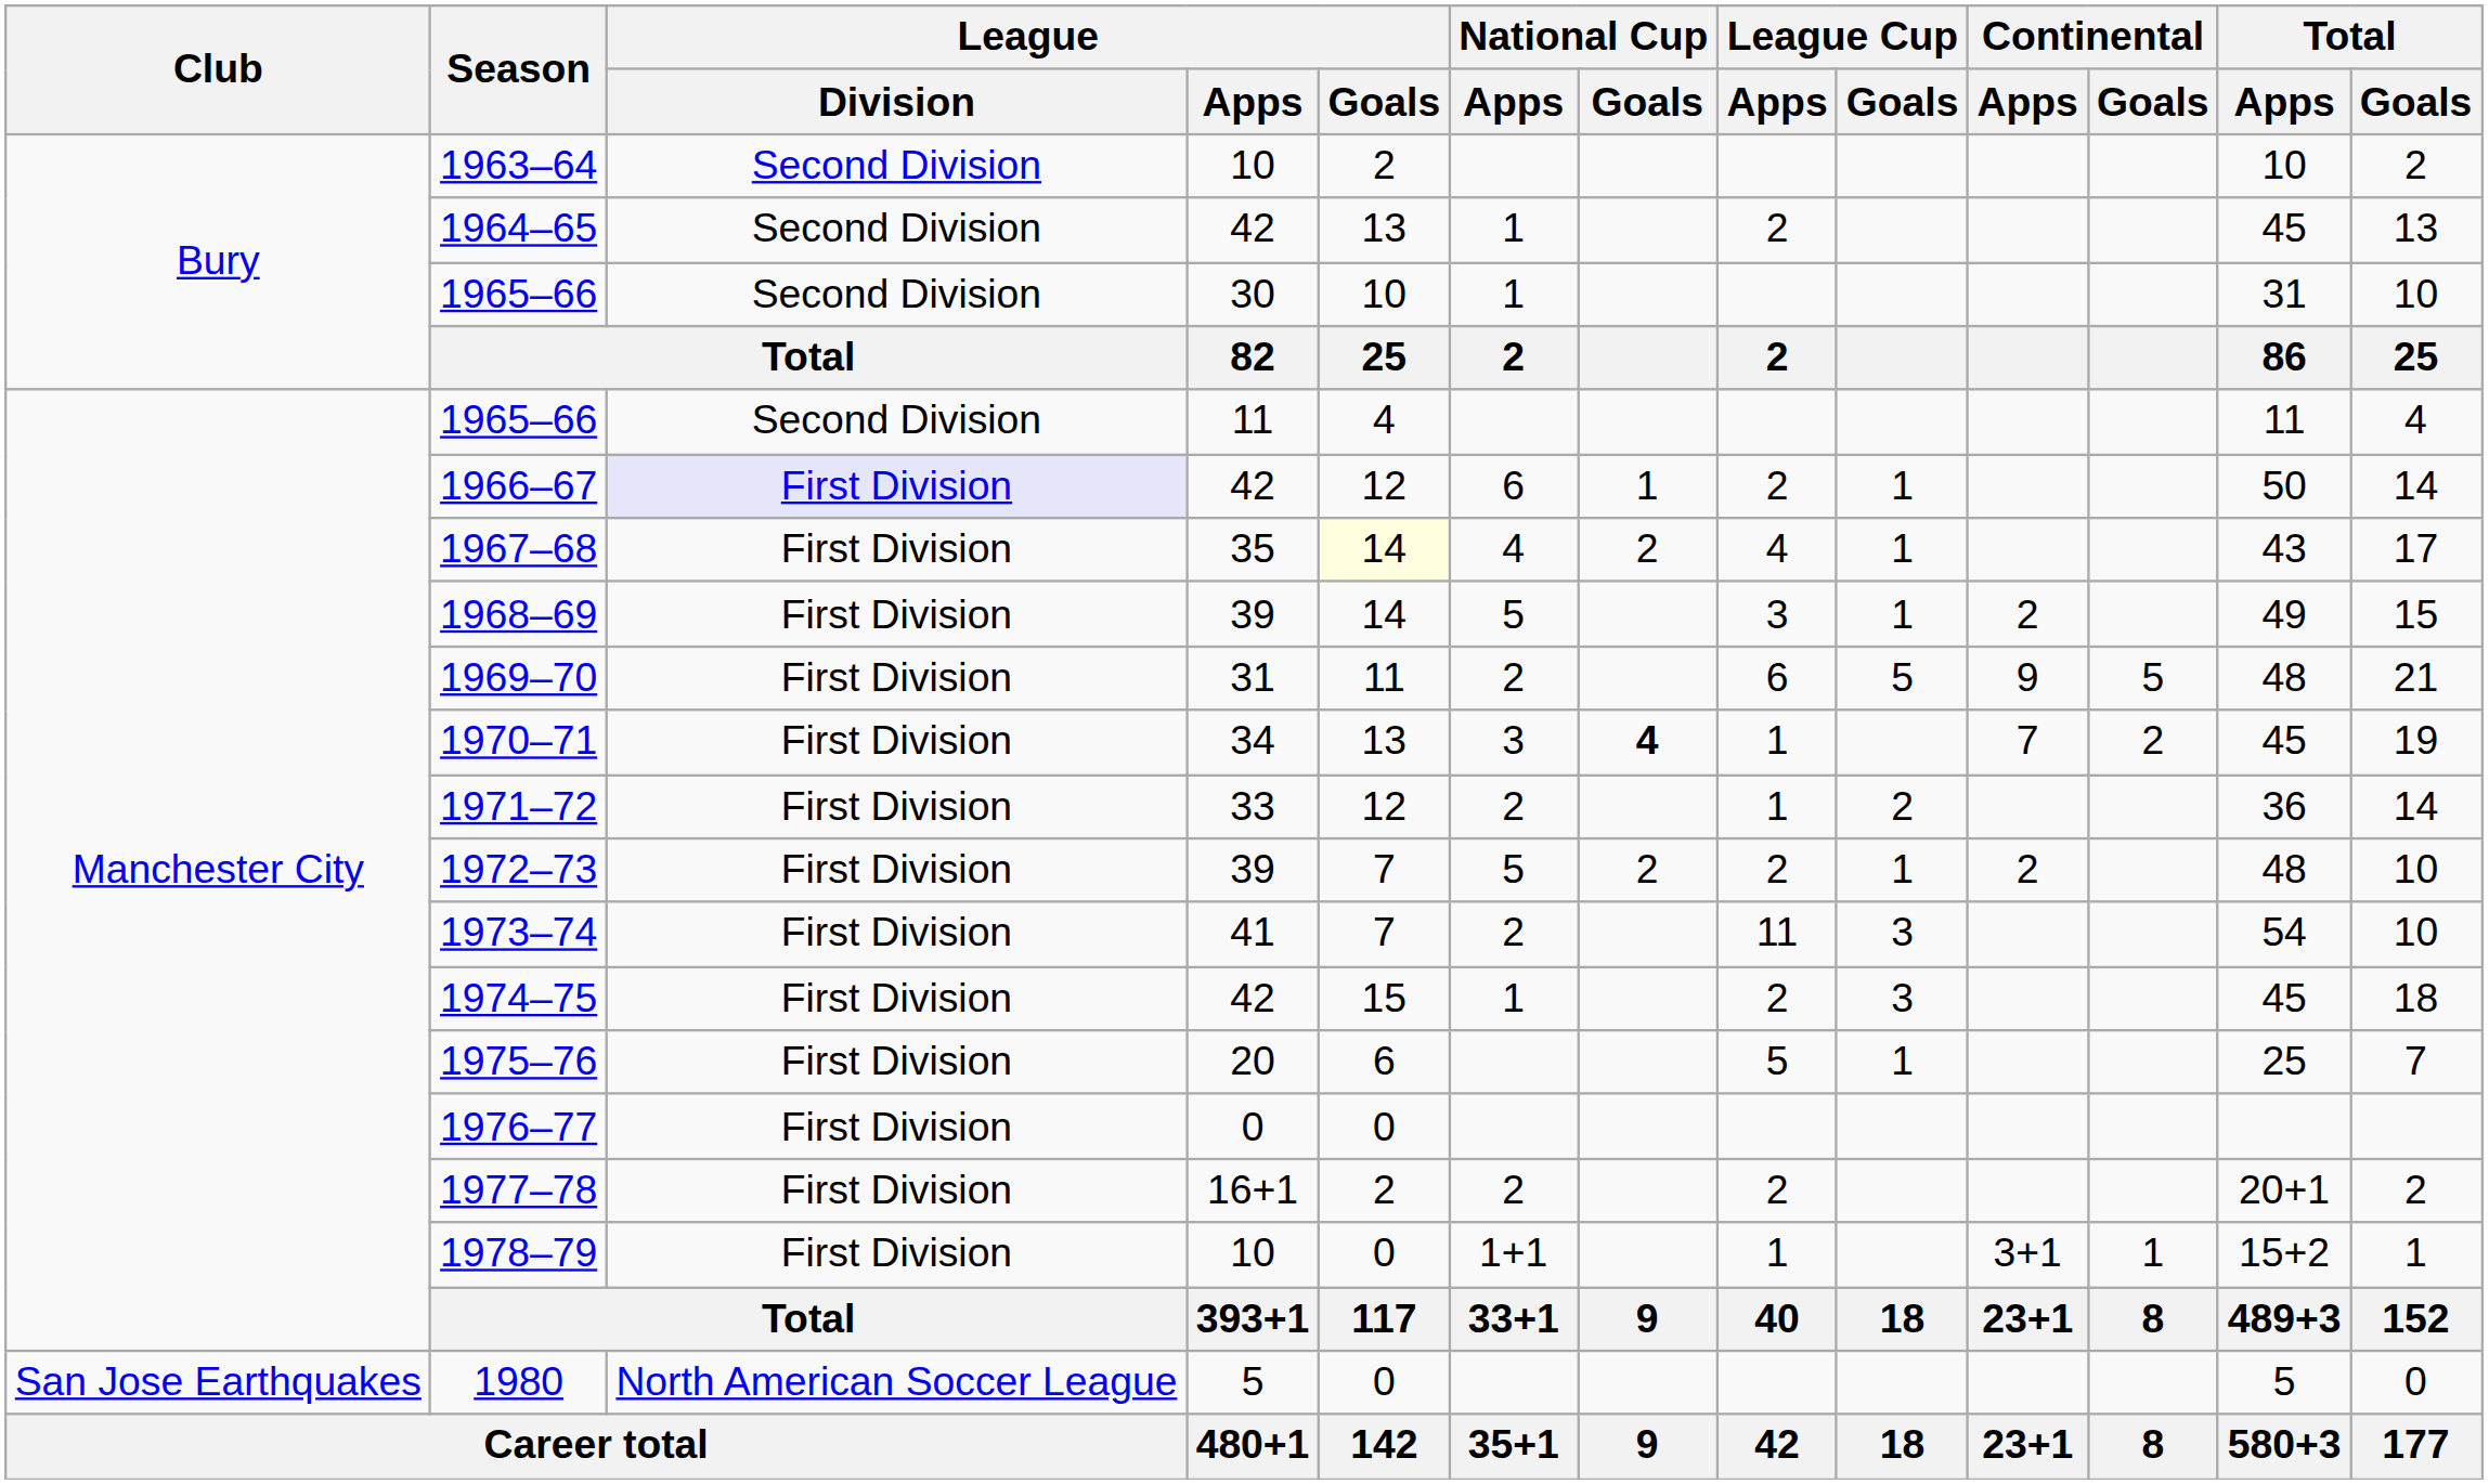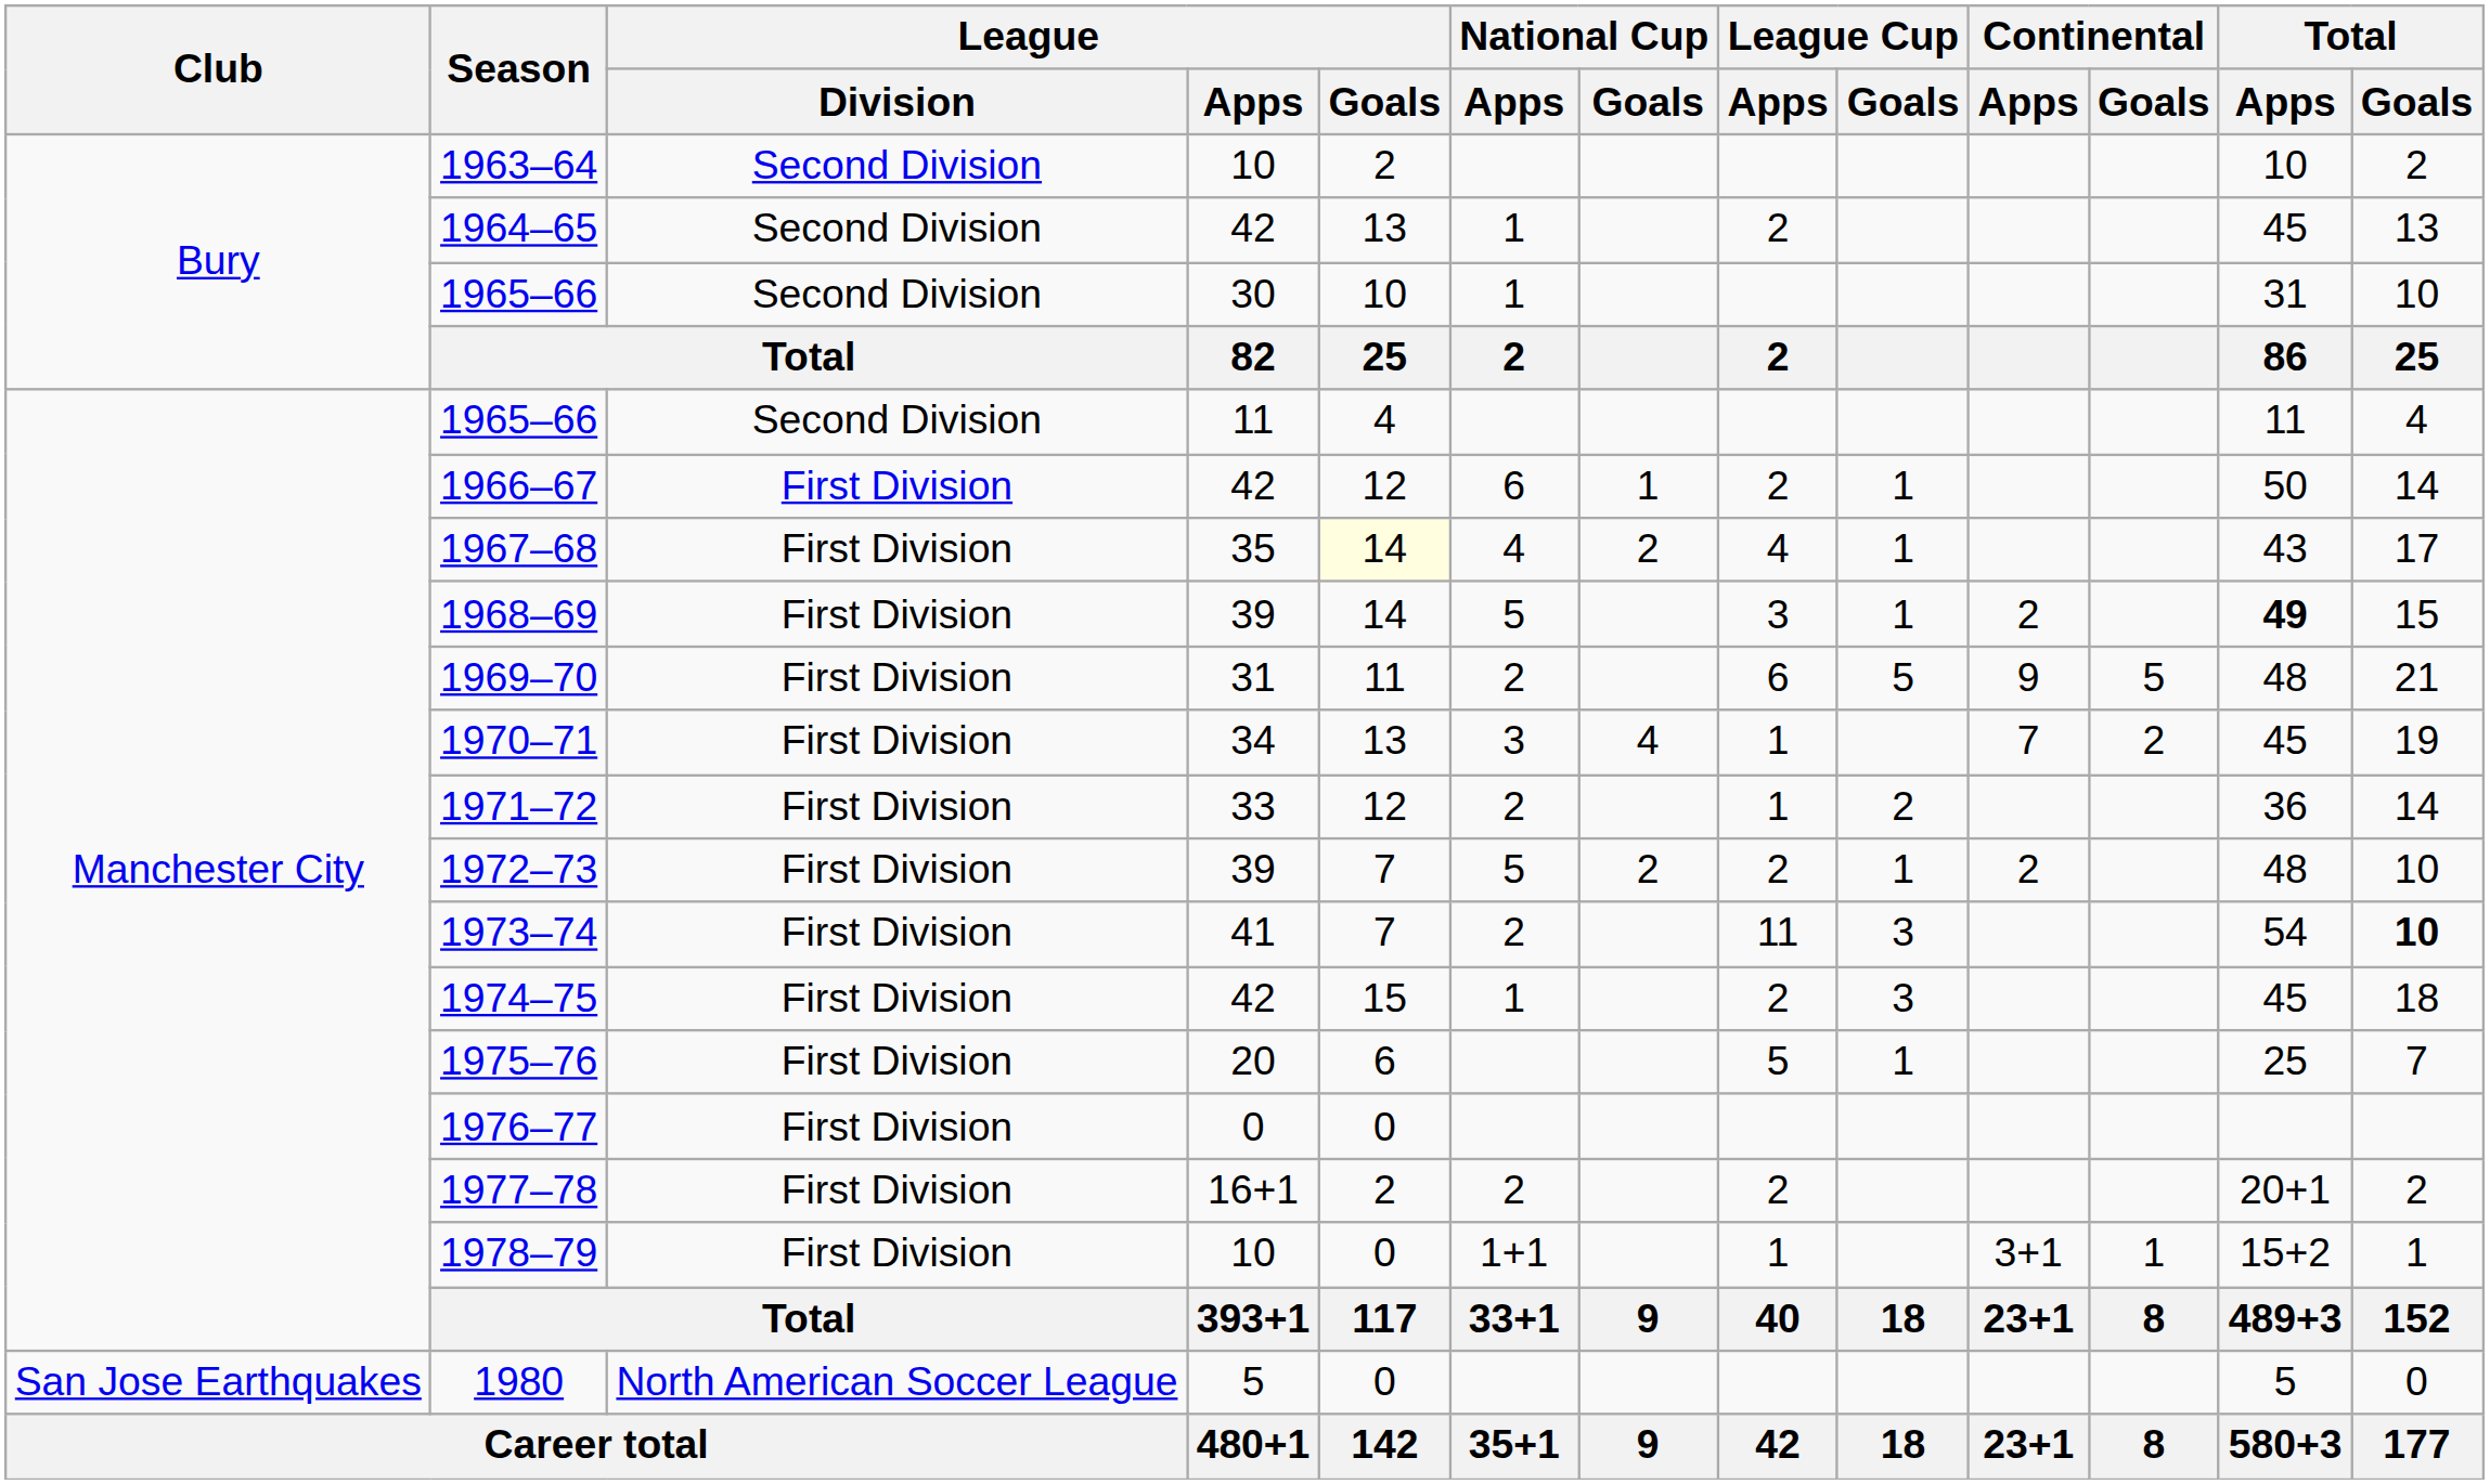 <table class="wikitable" style="text-align:center">
 <tr>
 <th rowspan="2">Club</th>
 <th rowspan="2">Season</th>
 <th colspan="3">League</th>
 <th colspan="2">National Cup</th>
 <th colspan="2">League Cup</th>
 <th colspan="2">Continental</th>
 <th colspan="2">Total</th>
 </tr>
 <tr>
 <th>Division</th>
 <th>Apps</th>
 <th>Goals</th>
 <th>Apps</th>
 <th>Goals</th>
 <th>Apps</th>
 <th>Goals</th>
 <th>Apps</th>
 <th>Goals</th>
 <th>Apps</th>
 <th>Goals</th>
 </tr>
 <tr>
 <td rowspan="4"><a href='#'>Bury</a></td>
 <td><a href='#'>1963–64</a></td>
 <td><a href='#'>Second Division</a></td>
 <td>10</td>
 <td>2</td>
 <td></td>
 <td></td>
 <td></td>
 <td></td>
 <td></td>
 <td></td>
 <td>10</td>
 <td>2</td>
 </tr>
 <tr>
 <td><a href='#'>1964–65</a></td>
 <td>Second Division</td>
 <td>42</td>
 <td>13</td>
 <td>1</td>
 <td></td>
 <td>2</td>
 <td></td>
 <td></td>
 <td></td>
 <td>45</td>
 <td>13</td>
 </tr>
 <tr>
 <td><a href='#'>1965–66</a></td>
 <td>Second Division</td>
 <td>30</td>
 <td>10</td>
 <td>1</td>
 <td></td>
 <td></td>
 <td></td>
 <td></td>
 <td></td>
 <td>31</td>
 <td>10</td>
 </tr>
 <tr>
 <th colspan="2">Total</th>
 <th>82</th>
 <th>25</th>
 <th>2</th>
 <th></th>
 <th>2</th>
 <th></th>
 <th></th>
 <th></th>
 <th>86</th>
 <th>25</th>
 </tr>
 <tr>
 <td rowspan="15"><a href='#'>Manchester City</a></td>
 <td><a href='#'>1965–66</a></td>
 <td>Second Division</td>
 <td>11</td>
 <td>4</td>
 <td></td>
 <td></td>
 <td></td>
 <td></td>
 <td></td>
 <td></td>
 <td>11</td>
 <td>4</td>
 </tr>
 <tr>
 <td><a href='#'>1966–67</a></td>
-<td style="background: lavender;"><a href='#'>First Division</a></td>
+<td><a href='#'>First Division</a></td>
 <td>42</td>
 <td>12</td>
 <td>6</td>
 <td>1</td>
 <td>2</td>
 <td>1</td>
 <td></td>
 <td></td>
 <td>50</td>
 <td>14</td>
 </tr>
 <tr>
 <td><a href='#'>1967–68</a></td>
 <td>First Division</td>
 <td>35</td>
 <td style="background: lightyellow;">14</td>
 <td>4</td>
 <td>2</td>
 <td>4</td>
 <td>1</td>
 <td></td>
 <td></td>
 <td>43</td>
 <td>17</td>
 </tr>
 <tr>
 <td><a href='#'>1968–69</a></td>
 <td>First Division</td>
 <td>39</td>
 <td>14</td>
 <td>5</td>
 <td></td>
 <td>3</td>
 <td>1</td>
 <td>2</td>
 <td></td>
-<td>49</td>
+<td><strong>49</strong></td>
 <td>15</td>
 </tr>
 <tr>
 <td><a href='#'>1969–70</a></td>
 <td>First Division</td>
 <td>31</td>
 <td>11</td>
 <td>2</td>
 <td></td>
 <td>6</td>
 <td>5</td>
 <td>9</td>
 <td>5</td>
 <td>48</td>
 <td>21</td>
 </tr>
 <tr>
 <td><a href='#'>1970–71</a></td>
 <td>First Division</td>
 <td>34</td>
 <td>13</td>
 <td>3</td>
-<td><strong>4</strong></td>
+<td>4</td>
 <td>1</td>
 <td></td>
 <td>7</td>
 <td>2</td>
 <td>45</td>
 <td>19</td>
 </tr>
 <tr>
 <td><a href='#'>1971–72</a></td>
 <td>First Division</td>
 <td>33</td>
 <td>12</td>
 <td>2</td>
 <td></td>
 <td>1</td>
 <td>2</td>
 <td></td>
 <td></td>
 <td>36</td>
 <td>14</td>
 </tr>
 <tr>
 <td><a href='#'>1972–73</a></td>
 <td>First Division</td>
 <td>39</td>
 <td>7</td>
 <td>5</td>
 <td>2</td>
 <td>2</td>
 <td>1</td>
 <td>2</td>
 <td></td>
 <td>48</td>
 <td>10</td>
 </tr>
 <tr>
 <td><a href='#'>1973–74</a></td>
 <td>First Division</td>
 <td>41</td>
 <td>7</td>
 <td>2</td>
 <td></td>
 <td>11</td>
 <td>3</td>
 <td></td>
 <td></td>
 <td>54</td>
-<td>10</td>
+<td><strong>10</strong></td>
 </tr>
 <tr>
 <td><a href='#'>1974–75</a></td>
 <td>First Division</td>
 <td>42</td>
 <td>15</td>
 <td>1</td>
 <td></td>
 <td>2</td>
 <td>3</td>
 <td></td>
 <td></td>
 <td>45</td>
 <td>18</td>
 </tr>
 <tr>
 <td><a href='#'>1975–76</a></td>
 <td>First Division</td>
 <td>20</td>
 <td>6</td>
 <td></td>
 <td></td>
 <td>5</td>
 <td>1</td>
 <td></td>
 <td></td>
 <td>25</td>
 <td>7</td>
 </tr>
 <tr>
 <td><a href='#'>1976–77</a></td>
 <td>First Division</td>
 <td>0</td>
 <td>0</td>
 <td></td>
 <td></td>
 <td></td>
 <td></td>
 <td></td>
 <td></td>
 <td></td>
 <td></td>
 </tr>
 <tr>
 <td><a href='#'>1977–78</a></td>
 <td>First Division</td>
 <td>16+1</td>
 <td>2</td>
 <td>2</td>
 <td></td>
 <td>2</td>
 <td></td>
 <td></td>
 <td></td>
 <td>20+1</td>
 <td>2</td>
 </tr>
 <tr>
 <td><a href='#'>1978–79</a></td>
 <td>First Division</td>
 <td>10</td>
 <td>0</td>
 <td>1+1</td>
 <td></td>
 <td>1</td>
 <td></td>
 <td>3+1</td>
 <td>1</td>
 <td>15+2</td>
 <td>1</td>
 </tr>
 <tr>
 <th colspan="2">Total</th>
 <th>393+1</th>
 <th>117</th>
 <th>33+1</th>
 <th>9</th>
 <th>40</th>
 <th>18</th>
 <th>23+1</th>
 <th>8</th>
 <th>489+3</th>
 <th>152</th>
 </tr>
 <tr>
 <td><a href='#'>San Jose Earthquakes</a></td>
 <td><a href='#'>1980</a></td>
 <td><a href='#'>North American Soccer League</a></td>
 <td>5</td>
 <td>0</td>
 <td></td>
 <td></td>
 <td></td>
 <td></td>
 <td></td>
 <td></td>
 <td>5</td>
 <td>0</td>
 </tr>
 <tr>
 <th colspan="3">Career total</th>
 <th>480+1</th>
 <th>142</th>
 <th>35+1</th>
 <th>9</th>
 <th>42</th>
 <th>18</th>
 <th>23+1</th>
 <th>8</th>
 <th>580+3</th>
 <th>177</th>
 </tr>
 </table>
